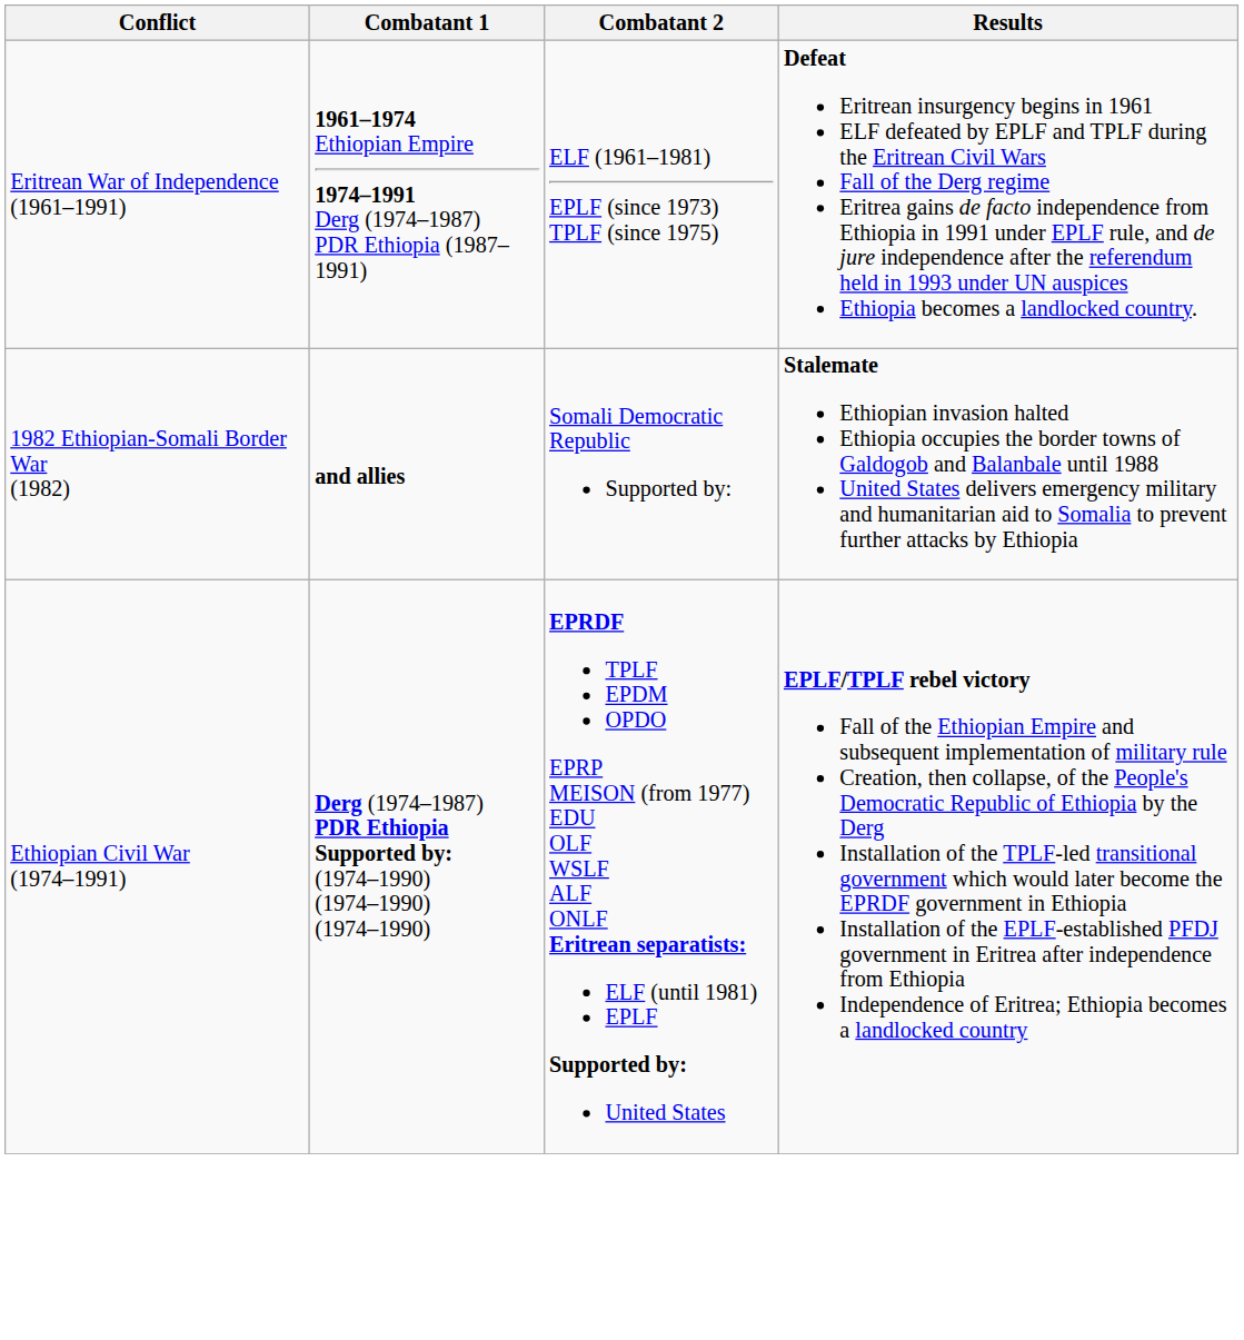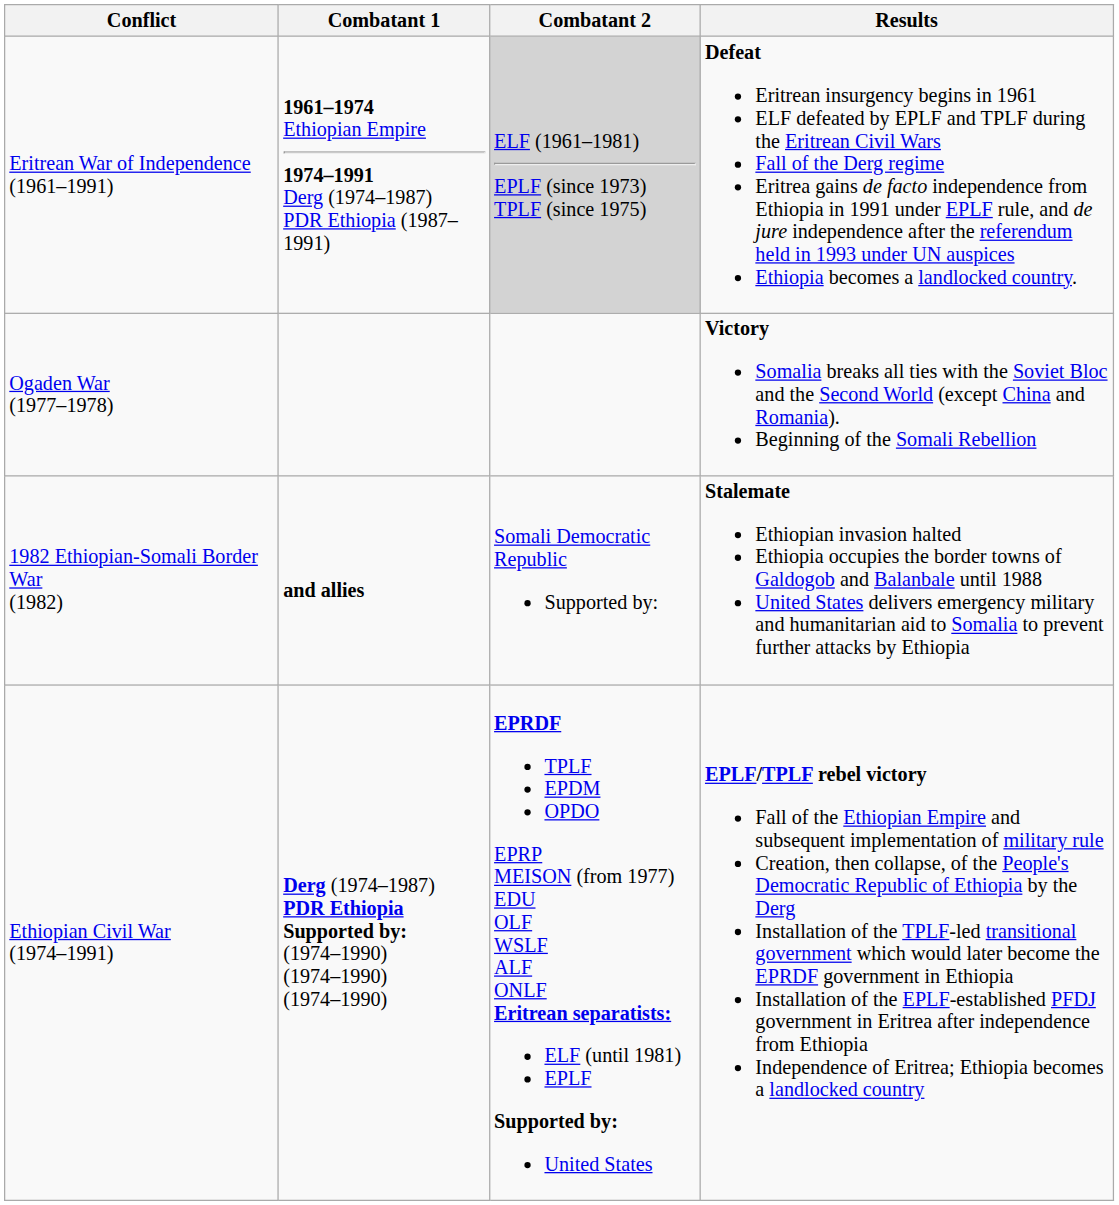 <table class="wikitable">
 <tr>
 <th rowspan="1" width=210px>Conflict</th>
 <th rowspan="1" width=160px>Combatant 1</th>
 <th rowspan="1" width=160px>Combatant 2</th>
 <th rowspan="1" width=320px>Results</th>
 </tr>
 <tr>
 <td><a href='#'>Eritrean War of Independence</a><br> (1961–1991)</td>
 <td><strong>1961–1974</strong><br> <a href='#'>Ethiopian Empire</a><br><hr><strong>1974–1991</strong><br> <a href='#'>Derg</a> (1974–1987)<br> <a href='#'>PDR Ethiopia</a> (1987–1991)<br></td>
-<td> <a href='#'>ELF</a> (1961–1981)<br><hr> <a href='#'>EPLF</a> (since 1973)<br> <a href='#'>TPLF</a> (since 1975)<br></td>
+<td style="background: lightgrey;"> <a href='#'>ELF</a> (1961–1981)<br><hr> <a href='#'>EPLF</a> (since 1973)<br> <a href='#'>TPLF</a> (since 1975)<br></td>
 <td><strong>Defeat</strong><br><ul><li>Eritrean insurgency begins in 1961</li><li>ELF defeated by EPLF and TPLF during the <a href='#'>Eritrean Civil Wars</a></li><li><a href='#'>Fall of the Derg regime</a></li><li>Eritrea gains <em>de facto</em> independence from Ethiopia in 1991 under <a href='#'>EPLF</a> rule, and <em>de jure</em> independence after the <a href='#'>referendum held in 1993 under UN auspices</a></li><li><a href='#'>Ethiopia</a> becomes a <a href='#'>landlocked country</a>.</li></ul></td>
+</tr>
+<tr>
+<td><a href='#'>Ogaden War</a><br>(1977–1978)</td>
+<td></td>
+<td></td>
+<td><strong>Victory</strong><br><ul><li><a href='#'>Somalia</a> breaks all ties with the <a href='#'>Soviet Bloc</a> and the <a href='#'>Second World</a> (except <a href='#'>China</a> and <a href='#'>Romania</a>).</li><li>Beginning of the <a href='#'>Somali Rebellion</a></li></ul></td>
 </tr>
 <tr>
 <td><a href='#'>1982 Ethiopian-Somali Border War</a><br>(1982)</td>
 <td><strong><br> and allies</strong></td>
 <td> <a href='#'>Somali Democratic Republic</a><br><ul><li>Supported by: <br></li></ul></td>
 <td><strong>Stalemate</strong><br><ul><li>Ethiopian invasion halted</li><li>Ethiopia occupies the border towns of <a href='#'>Galdogob</a> and <a href='#'>Balanbale</a> until 1988</li><li><a href='#'>United States</a> delivers emergency military and humanitarian aid to <a href='#'>Somalia</a> to prevent further attacks by Ethiopia</li></ul></td>
 </tr>
 <tr>
 <td><a href='#'>Ethiopian Civil War</a><br>(1974–1991)</td>
 <td> <strong><a href='#'>Derg</a></strong> (1974–1987)<br> <strong><a href='#'>PDR Ethiopia</a></strong><br><strong>Supported by:</strong> <br>  (1974–1990) <br> (1974–1990)<br> (1974–1990)</td>
 <td {{plainlist><br><strong><a href='#'>EPRDF</a></strong><ul><li> <a href='#'>TPLF</a></li><li> <a href='#'>EPDM</a></li><li> <a href='#'>OPDO</a></li></ul> <a href='#'>EPRP</a><br> <a href='#'>MEISON</a> (from 1977)<br> <a href='#'>EDU</a><br> <a href='#'>OLF</a><br> <a href='#'>WSLF</a><br> <a href='#'>ALF</a><br> <a href='#'>ONLF</a><br><strong><a href='#'>Eritrean separatists:</a></strong><ul><li> <a href='#'>ELF</a> (until 1981)</li><li> <a href='#'>EPLF</a></li></ul><strong>Supported by:</strong><ul><li> <a href='#'>United States</a></li></ul></td>
 <td><strong><a href='#'>EPLF</a>/<a href='#'>TPLF</a> rebel victory</strong><br><ul><li>Fall of the <a href='#'>Ethiopian Empire</a> and subsequent implementation of <a href='#'>military rule</a></li><li>Creation, then collapse, of the <a href='#'>People's Democratic Republic of Ethiopia</a> by the <a href='#'>Derg</a></li><li>Installation of the <a href='#'>TPLF</a>-led <a href='#'>transitional government</a> which would later become the <a href='#'>EPRDF</a> government in Ethiopia</li><li>Installation of the <a href='#'>EPLF</a>-established <a href='#'>PFDJ</a> government in Eritrea after independence from Ethiopia</li><li>Independence of Eritrea; Ethiopia becomes a <a href='#'>landlocked country</a></li></ul></td>
 </tr>
 </table>
